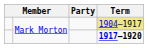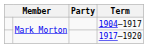 <table class="wikitable">
 <tr>
 <th colspan="2">Member</th>
 <th>Party</th>
 <th>Term</th>
 </tr>
 <tr>
 <td> </td>
 <td rowspan="2"><a href='#'>Mark Morton</a></td>
 <td></td>
-<td style="background: khaki;"><a href='#'>1904</a>–1917</td>
+<td><a href='#'>1904</a>–1917</td>
 </tr>
 <tr>
 <td> </td>
 <td></td>
-<td><strong><a href='#'>1917</a>–1920</strong></td>
+<td><a href='#'>1917</a>–1920</td>
 </tr>
 </table>
